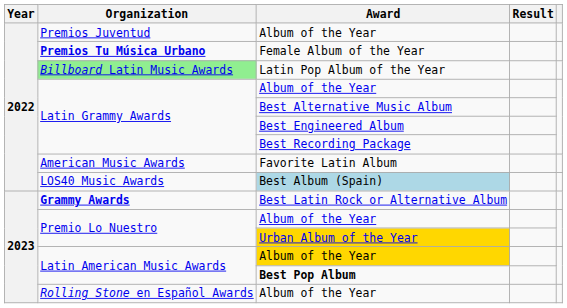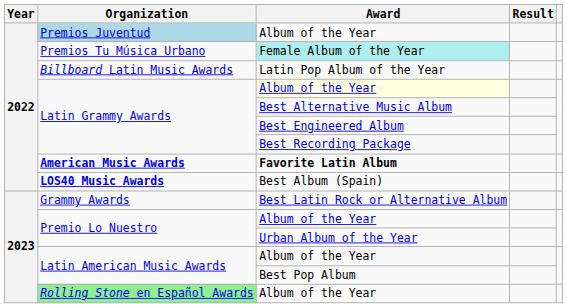 <table class="wikitable plainrowheaders">
 <tr align=center>
 <th scope="col">Year</th>
 <th scope="col">Organization</th>
 <th scope="col">Award</th>
 <th scope="col">Result</th>
 <th></th>
 </tr>
 <tr>
 <th rowspan="9" scope="row">2022</th>
-<td><a href='#'>Premios Juventud</a></td>
+<td style="background: lightblue;"><a href='#'>Premios Juventud</a></td>
 <td>Album of the Year</td>
 <td></td>
 <td></td>
 </tr>
 <tr>
-<td><strong><a href='#'>Premios Tu Música Urbano</a></strong></td>
-<td>Female Album of the Year</td>
+<td><a href='#'>Premios Tu Música Urbano</a></td>
+<td style="background: paleturquoise;">Female Album of the Year</td>
 <td></td>
 <td></td>
 </tr>
 <tr>
-<td style="background: lightgreen;"><a href='#'><em>Billboard</em> Latin Music Awards</a></td>
+<td><a href='#'><em>Billboard</em> Latin Music Awards</a></td>
 <td>Latin Pop Album of the Year</td>
 <td></td>
 <td></td>
 </tr>
 <tr>
 <td rowspan="4"><a href='#'>Latin Grammy Awards</a></td>
-<td><a href='#'>Album of the Year</a></td>
+<td style="background: lightyellow;"><a href='#'>Album of the Year</a></td>
 <td></td>
 <td rowspan="4"></td>
 </tr>
 <tr>
 <td><a href='#'>Best Alternative Music Album</a></td>
 <td></td>
 </tr>
 <tr>
 <td><a href='#'>Best Engineered Album</a></td>
 <td></td>
 </tr>
 <tr>
 <td><a href='#'>Best Recording Package</a></td>
 <td></td>
 </tr>
 <tr>
-<td><a href='#'>American Music Awards</a></td>
-<td>Favorite Latin Album</td>
+<td><strong><a href='#'>American Music Awards</a></strong></td>
+<td><strong>Favorite Latin Album</strong></td>
 <td></td>
 <td></td>
 </tr>
 <tr>
-<td><a href='#'>LOS40 Music Awards</a></td>
-<td style="background: lightblue;">Best Album (Spain)</td>
+<td><strong><a href='#'>LOS40 Music Awards</a></strong></td>
+<td>Best Album (Spain)</td>
 <td></td>
 <td></td>
 </tr>
 <tr>
 <th rowspan="6" scope="row">2023</th>
-<td><strong><a href='#'>Grammy Awards</a></strong></td>
+<td><a href='#'>Grammy Awards</a></td>
 <td><a href='#'>Best Latin Rock or Alternative Album</a></td>
 <td></td>
 <td></td>
 </tr>
 <tr>
 <td rowspan="2"><a href='#'>Premio Lo Nuestro</a></td>
 <td><a href='#'>Album of the Year</a></td>
 <td></td>
 <td rowspan="2"></td>
 </tr>
 <tr>
-<td style="background: gold;"><a href='#'>Urban Album of the Year</a></td>
+<td><a href='#'>Urban Album of the Year</a></td>
 <td></td>
 </tr>
 <tr>
 <td rowspan="2"><a href='#'>Latin American Music Awards</a></td>
-<td style="background: gold;">Album of the Year</td>
+<td>Album of the Year</td>
 <td></td>
 <td rowspan="2"></td>
 </tr>
 <tr>
-<td><strong>Best Pop Album</strong></td>
+<td>Best Pop Album</td>
 <td></td>
 </tr>
 <tr>
-<td><a href='#'><em>Rolling Stone</em> en Español Awards</a></td>
+<td style="background: lightgreen;"><a href='#'><em>Rolling Stone</em> en Español Awards</a></td>
 <td>Album of the Year</td>
 <td></td>
 <td></td>
 </tr>
 </table>
